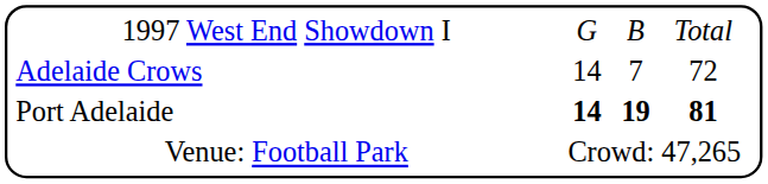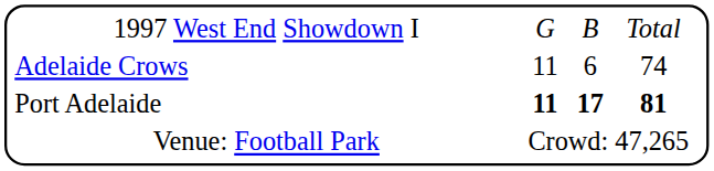 <table style="margin-right:4px; margin-top:8px; float:right; border:1px #000 solid; border-radius:8px; background:#fff; font-family:Verdana; font-size:8pt; text-align:center;">
 <tr>
 <td width=200>1997 <a href='#'>West End</a> <a href='#'>Showdown</a> I</td>
 <td><em>G</em></td>
 <td><em>B</em></td>
 <td><em>Total</em></td>
 </tr>
 <tr>
 <td style="text-align:left"><a href='#'>Adelaide Crows</a></td>
-<td>14</td>
-<td>7</td>
-<td>72</td>
+<td>11</td>
+<td>6</td>
+<td>74</td>
 </tr>
 <tr>
 <td style="text-align:left">Port Adelaide</td>
-<td><strong>14</strong></td>
-<td><strong>19</strong></td>
+<td><strong>11</strong></td>
+<td><strong>17</strong></td>
 <td><strong>81</strong></td>
 </tr>
 <tr>
 <td>Venue: <a href='#'>Football Park</a></td>
 <td colspan=3>Crowd: 47,265</td>
 <td colspan=3></td>
 </tr>
 </table>
